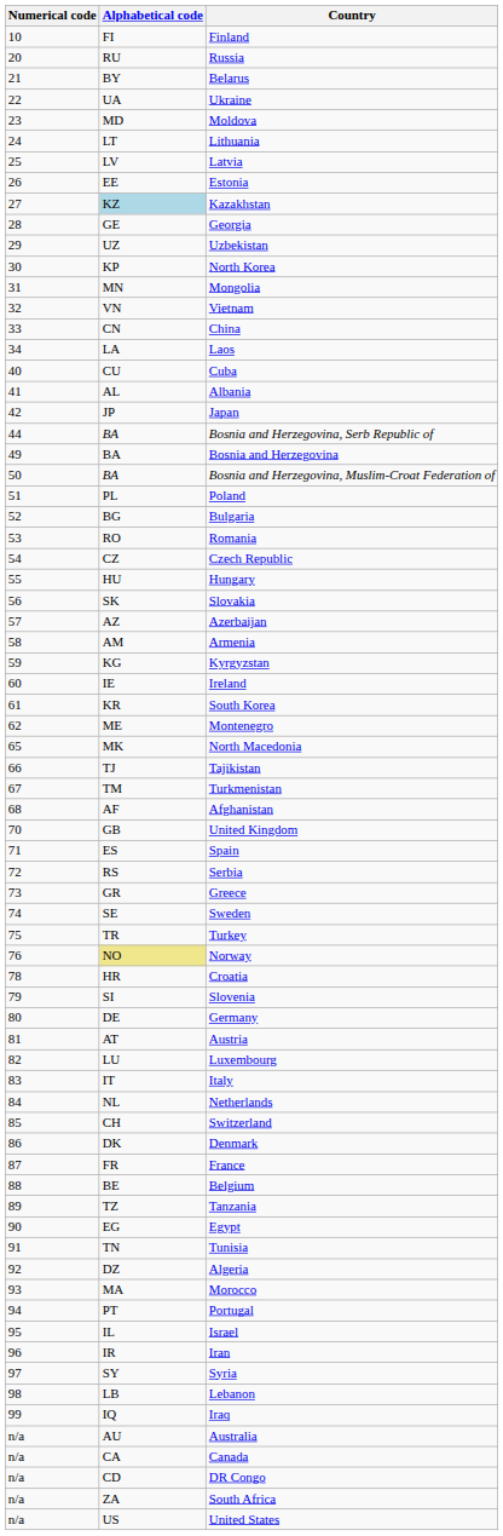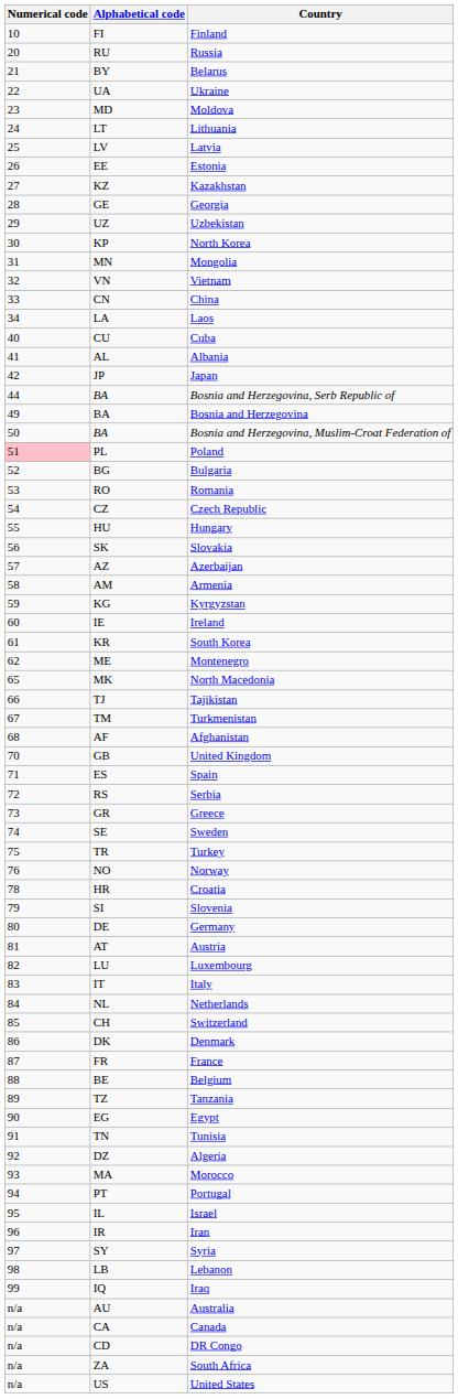 <table class="wikitable sortable">
 <tr>
 <th data-sort-type=number>Numerical code</th>
 <th><a href='#'>Alphabetical code</a></th>
 <th>Country</th>
 </tr>
 <tr>
 <td>10</td>
 <td>FI</td>
 <td><a href='#'>Finland</a></td>
 </tr>
 <tr>
 <td>20</td>
 <td>RU</td>
 <td><a href='#'>Russia</a></td>
 </tr>
 <tr>
 <td>21</td>
 <td>BY</td>
 <td><a href='#'>Belarus</a></td>
 </tr>
 <tr>
 <td>22</td>
 <td>UA</td>
 <td><a href='#'>Ukraine</a></td>
 </tr>
 <tr>
 <td>23</td>
 <td>MD</td>
 <td><a href='#'>Moldova</a></td>
 </tr>
 <tr>
 <td>24</td>
 <td>LT</td>
 <td><a href='#'>Lithuania</a></td>
 </tr>
 <tr>
 <td>25</td>
 <td>LV</td>
 <td><a href='#'>Latvia</a></td>
 </tr>
 <tr>
 <td>26</td>
 <td>EE</td>
 <td><a href='#'>Estonia</a></td>
 </tr>
 <tr>
 <td>27</td>
-<td style="background: lightblue;">KZ</td>
+<td>KZ</td>
 <td><a href='#'>Kazakhstan</a></td>
 </tr>
 <tr>
 <td>28</td>
 <td>GE</td>
 <td><a href='#'>Georgia</a></td>
 </tr>
 <tr>
 <td>29</td>
 <td>UZ</td>
 <td><a href='#'>Uzbekistan</a></td>
 </tr>
 <tr>
 <td>30</td>
 <td>KP</td>
 <td><a href='#'>North Korea</a></td>
 </tr>
 <tr>
 <td>31</td>
 <td>MN</td>
 <td><a href='#'>Mongolia</a></td>
 </tr>
 <tr>
 <td>32</td>
 <td>VN</td>
 <td><a href='#'>Vietnam</a></td>
 </tr>
 <tr>
 <td>33</td>
 <td>CN</td>
 <td><a href='#'>China</a></td>
 </tr>
 <tr>
 <td>34</td>
 <td>LA</td>
 <td><a href='#'>Laos</a></td>
 </tr>
 <tr>
 <td>40</td>
 <td>CU</td>
 <td><a href='#'>Cuba</a></td>
 </tr>
 <tr>
 <td>41</td>
 <td>AL</td>
 <td><a href='#'>Albania</a></td>
 </tr>
 <tr>
 <td>42</td>
 <td>JP</td>
 <td><a href='#'>Japan</a></td>
 </tr>
 <tr>
 <td>44</td>
 <td><em>BA</em></td>
 <td><em>Bosnia and Herzegovina, Serb Republic of</em> </td>
 </tr>
 <tr>
 <td>49</td>
 <td>BA</td>
 <td><a href='#'>Bosnia and Herzegovina</a></td>
 </tr>
 <tr>
 <td>50</td>
 <td><em>BA</em></td>
 <td><em>Bosnia and Herzegovina, Muslim-Croat Federation of</em> </td>
 </tr>
 <tr>
-<td>51</td>
+<td style="background: pink;">51</td>
 <td>PL</td>
 <td><a href='#'>Poland</a></td>
 </tr>
 <tr>
 <td>52</td>
 <td>BG</td>
 <td><a href='#'>Bulgaria</a></td>
 </tr>
 <tr>
 <td>53</td>
 <td>RO</td>
 <td><a href='#'>Romania</a></td>
 </tr>
 <tr>
 <td>54</td>
 <td>CZ</td>
 <td><a href='#'>Czech Republic</a></td>
 </tr>
 <tr>
 <td>55</td>
 <td>HU</td>
 <td><a href='#'>Hungary</a></td>
 </tr>
 <tr>
 <td>56</td>
 <td>SK</td>
 <td><a href='#'>Slovakia</a></td>
 </tr>
 <tr>
 <td>57</td>
 <td>AZ</td>
 <td><a href='#'>Azerbaijan</a></td>
 </tr>
 <tr>
 <td>58</td>
 <td>AM</td>
 <td><a href='#'>Armenia</a></td>
 </tr>
 <tr>
 <td>59</td>
 <td>KG</td>
 <td><a href='#'>Kyrgyzstan</a></td>
 </tr>
 <tr>
 <td>60</td>
 <td>IE</td>
 <td><a href='#'>Ireland</a></td>
 </tr>
 <tr>
 <td>61</td>
 <td>KR</td>
 <td><a href='#'>South Korea</a></td>
 </tr>
 <tr>
 <td>62</td>
 <td>ME</td>
 <td><a href='#'>Montenegro</a></td>
 </tr>
 <tr>
 <td>65</td>
 <td>MK</td>
 <td><a href='#'>North Macedonia</a></td>
 </tr>
 <tr>
 <td>66</td>
 <td>TJ</td>
 <td><a href='#'>Tajikistan</a></td>
 </tr>
 <tr>
 <td>67</td>
 <td>TM</td>
 <td><a href='#'>Turkmenistan</a></td>
 </tr>
 <tr>
 <td>68</td>
 <td>AF</td>
 <td><a href='#'>Afghanistan</a></td>
 </tr>
 <tr>
 <td>70</td>
 <td>GB</td>
 <td><a href='#'>United Kingdom</a></td>
 </tr>
 <tr>
 <td>71</td>
 <td>ES</td>
 <td><a href='#'>Spain</a></td>
 </tr>
 <tr>
 <td>72</td>
 <td>RS</td>
 <td><a href='#'>Serbia</a></td>
 </tr>
 <tr>
 <td>73</td>
 <td>GR</td>
 <td><a href='#'>Greece</a></td>
 </tr>
 <tr>
 <td>74</td>
 <td>SE</td>
 <td><a href='#'>Sweden</a></td>
 </tr>
 <tr>
 <td>75</td>
 <td>TR</td>
 <td><a href='#'>Turkey</a></td>
 </tr>
 <tr>
 <td>76</td>
-<td style="background: khaki;">NO</td>
+<td>NO</td>
 <td><a href='#'>Norway</a></td>
 </tr>
 <tr>
 <td>78</td>
 <td>HR</td>
 <td><a href='#'>Croatia</a></td>
 </tr>
 <tr>
 <td>79</td>
 <td>SI</td>
 <td><a href='#'>Slovenia</a></td>
 </tr>
 <tr>
 <td>80</td>
 <td>DE</td>
 <td><a href='#'>Germany</a></td>
 </tr>
 <tr>
 <td>81</td>
 <td>AT</td>
 <td><a href='#'>Austria</a></td>
 </tr>
 <tr>
 <td>82</td>
 <td>LU</td>
 <td><a href='#'>Luxembourg</a></td>
 </tr>
 <tr>
 <td>83</td>
 <td>IT</td>
 <td><a href='#'>Italy</a></td>
 </tr>
 <tr>
 <td>84</td>
 <td>NL</td>
 <td><a href='#'>Netherlands</a></td>
 </tr>
 <tr>
 <td>85</td>
 <td>CH</td>
 <td><a href='#'>Switzerland</a></td>
 </tr>
 <tr>
 <td>86</td>
 <td>DK</td>
 <td><a href='#'>Denmark</a></td>
 </tr>
 <tr>
 <td>87</td>
 <td>FR</td>
 <td><a href='#'>France</a></td>
 </tr>
 <tr>
 <td>88</td>
 <td>BE</td>
 <td><a href='#'>Belgium</a></td>
 </tr>
 <tr>
 <td>89</td>
 <td>TZ</td>
 <td><a href='#'>Tanzania</a></td>
 </tr>
 <tr>
 <td>90</td>
 <td>EG</td>
 <td><a href='#'>Egypt</a></td>
 </tr>
 <tr>
 <td>91</td>
 <td>TN</td>
 <td><a href='#'>Tunisia</a></td>
 </tr>
 <tr>
 <td>92</td>
 <td>DZ</td>
 <td><a href='#'>Algeria</a></td>
 </tr>
 <tr>
 <td>93</td>
 <td>MA</td>
 <td><a href='#'>Morocco</a></td>
 </tr>
 <tr>
 <td>94</td>
 <td>PT</td>
 <td><a href='#'>Portugal</a></td>
 </tr>
 <tr>
 <td>95</td>
 <td>IL</td>
 <td><a href='#'>Israel</a></td>
 </tr>
 <tr>
 <td>96</td>
 <td>IR</td>
 <td><a href='#'>Iran</a></td>
 </tr>
 <tr>
 <td>97</td>
 <td>SY</td>
 <td><a href='#'>Syria</a></td>
 </tr>
 <tr>
 <td>98</td>
 <td>LB</td>
 <td><a href='#'>Lebanon</a></td>
 </tr>
 <tr>
 <td>99</td>
 <td>IQ</td>
 <td><a href='#'>Iraq</a></td>
 </tr>
 <tr>
 <td data-sort-value="999">n/a </td>
 <td>AU</td>
 <td><a href='#'>Australia</a></td>
 </tr>
 <tr>
 <td data-sort-value="999">n/a </td>
 <td>CA</td>
 <td><a href='#'>Canada</a></td>
 </tr>
 <tr>
 <td data-sort-value="999">n/a </td>
 <td>CD</td>
 <td><a href='#'>DR Congo</a></td>
 </tr>
 <tr>
 <td data-sort-value="999">n/a </td>
 <td>ZA</td>
 <td><a href='#'>South Africa</a></td>
 </tr>
 <tr>
 <td data-sort-value="999">n/a </td>
 <td>US</td>
 <td><a href='#'>United States</a></td>
 </tr>
 </table>
